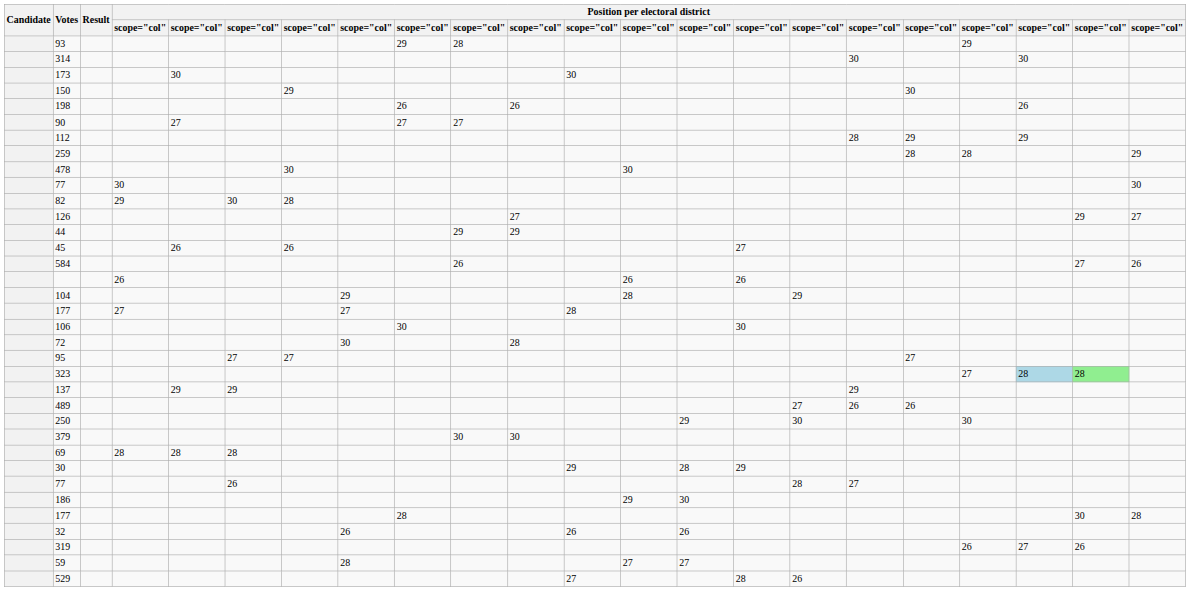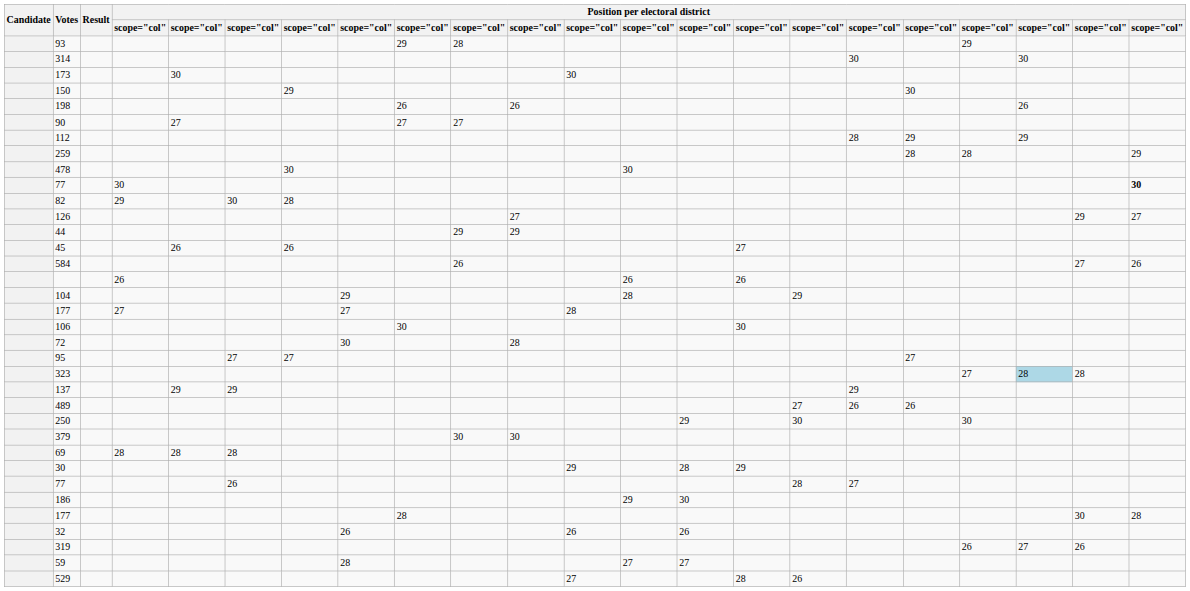 <table class="wikitable sortable defaultright col3left">
 <tr>
 <th scope="col" rowspan="2">Candidate</th>
 <th scope="col" rowspan="2">Votes</th>
 <th scope="col" rowspan="2">Result</th>
 <th scope="col" colspan="19">Position per electoral district</th>
 </tr>
 <tr>
 <th>scope="col" </th>
 <th>scope="col" </th>
 <th>scope="col" </th>
 <th>scope="col" </th>
 <th>scope="col" </th>
 <th>scope="col" </th>
 <th>scope="col" </th>
 <th>scope="col" </th>
 <th>scope="col" </th>
 <th>scope="col" </th>
 <th>scope="col" </th>
 <th>scope="col" </th>
 <th>scope="col" </th>
 <th>scope="col" </th>
 <th>scope="col" </th>
 <th>scope="col" </th>
 <th>scope="col" </th>
 <th>scope="col" </th>
 <th>scope="col" </th>
 </tr>
 <tr>
 <th scope="row"></th>
 <td>93</td>
 <td></td>
 <td></td>
 <td></td>
 <td></td>
 <td></td>
 <td></td>
 <td>29</td>
 <td>28</td>
 <td></td>
 <td></td>
 <td></td>
 <td></td>
 <td></td>
 <td></td>
 <td></td>
 <td></td>
 <td>29</td>
 <td></td>
 <td></td>
 <td></td>
 </tr>
 <tr>
 <th scope="row"></th>
 <td>314</td>
 <td></td>
 <td></td>
 <td></td>
 <td></td>
 <td></td>
 <td></td>
 <td></td>
 <td></td>
 <td></td>
 <td></td>
 <td></td>
 <td></td>
 <td></td>
 <td></td>
 <td>30</td>
 <td></td>
 <td></td>
 <td>30</td>
 <td></td>
 <td></td>
 </tr>
 <tr>
 <th scope="row"></th>
 <td>173</td>
 <td></td>
 <td></td>
 <td>30</td>
 <td></td>
 <td></td>
 <td></td>
 <td></td>
 <td></td>
 <td></td>
 <td>30</td>
 <td></td>
 <td></td>
 <td></td>
 <td></td>
 <td></td>
 <td></td>
 <td></td>
 <td></td>
 <td></td>
 <td></td>
 </tr>
 <tr>
 <th scope="row"></th>
 <td>150</td>
 <td></td>
 <td></td>
 <td></td>
 <td></td>
 <td>29</td>
 <td></td>
 <td></td>
 <td></td>
 <td></td>
 <td></td>
 <td></td>
 <td></td>
 <td></td>
 <td></td>
 <td></td>
 <td>30</td>
 <td></td>
 <td></td>
 <td></td>
 <td></td>
 </tr>
 <tr>
 <th scope="row"></th>
 <td>198</td>
 <td></td>
 <td></td>
 <td></td>
 <td></td>
 <td></td>
 <td></td>
 <td>26</td>
 <td></td>
 <td>26</td>
 <td></td>
 <td></td>
 <td></td>
 <td></td>
 <td></td>
 <td></td>
 <td></td>
 <td></td>
 <td>26</td>
 <td></td>
 <td></td>
 </tr>
 <tr>
 <th scope="row"></th>
 <td>90</td>
 <td></td>
 <td></td>
 <td>27</td>
 <td></td>
 <td></td>
 <td></td>
 <td>27</td>
 <td>27</td>
 <td></td>
 <td></td>
 <td></td>
 <td></td>
 <td></td>
 <td></td>
 <td></td>
 <td></td>
 <td></td>
 <td></td>
 <td></td>
 <td></td>
 </tr>
 <tr>
 <th scope="row"></th>
 <td>112</td>
 <td></td>
 <td></td>
 <td></td>
 <td></td>
 <td></td>
 <td></td>
 <td></td>
 <td></td>
 <td></td>
 <td></td>
 <td></td>
 <td></td>
 <td></td>
 <td></td>
 <td>28</td>
 <td>29</td>
 <td></td>
 <td>29</td>
 <td></td>
 <td></td>
 </tr>
 <tr>
 <th scope="row"></th>
 <td>259</td>
 <td></td>
 <td></td>
 <td></td>
 <td></td>
 <td></td>
 <td></td>
 <td></td>
 <td></td>
 <td></td>
 <td></td>
 <td></td>
 <td></td>
 <td></td>
 <td></td>
 <td></td>
 <td>28</td>
 <td>28</td>
 <td></td>
 <td></td>
 <td>29</td>
 </tr>
 <tr>
 <th scope="row"></th>
 <td>478</td>
 <td></td>
 <td></td>
 <td></td>
 <td></td>
 <td>30</td>
 <td></td>
 <td></td>
 <td></td>
 <td></td>
 <td></td>
 <td>30</td>
 <td></td>
 <td></td>
 <td></td>
 <td></td>
 <td></td>
 <td></td>
 <td></td>
 <td></td>
 <td></td>
 </tr>
 <tr>
 <th scope="row"></th>
 <td>77</td>
 <td></td>
 <td>30</td>
 <td></td>
 <td></td>
 <td></td>
 <td></td>
 <td></td>
 <td></td>
 <td></td>
 <td></td>
 <td></td>
 <td></td>
 <td></td>
 <td></td>
 <td></td>
 <td></td>
 <td></td>
 <td></td>
 <td></td>
-<td>30</td>
+<td><strong>30</strong></td>
 </tr>
 <tr>
 <th scope="row"></th>
 <td>82</td>
 <td></td>
 <td>29</td>
 <td></td>
 <td>30</td>
 <td>28</td>
 <td></td>
 <td></td>
 <td></td>
 <td></td>
 <td></td>
 <td></td>
 <td></td>
 <td></td>
 <td></td>
 <td></td>
 <td></td>
 <td></td>
 <td></td>
 <td></td>
 <td></td>
 </tr>
 <tr>
 <th scope="row"></th>
 <td>126</td>
 <td></td>
 <td></td>
 <td></td>
 <td></td>
 <td></td>
 <td></td>
 <td></td>
 <td></td>
 <td>27</td>
 <td></td>
 <td></td>
 <td></td>
 <td></td>
 <td></td>
 <td></td>
 <td></td>
 <td></td>
 <td></td>
 <td>29</td>
 <td>27</td>
 </tr>
 <tr>
 <th scope="row"></th>
 <td>44</td>
 <td></td>
 <td></td>
 <td></td>
 <td></td>
 <td></td>
 <td></td>
 <td></td>
 <td>29</td>
 <td>29</td>
 <td></td>
 <td></td>
 <td></td>
 <td></td>
 <td></td>
 <td></td>
 <td></td>
 <td></td>
 <td></td>
 <td></td>
 <td></td>
 </tr>
 <tr>
 <th scope="row"></th>
 <td>45</td>
 <td></td>
 <td></td>
 <td>26</td>
 <td></td>
 <td>26</td>
 <td></td>
 <td></td>
 <td></td>
 <td></td>
 <td></td>
 <td></td>
 <td></td>
 <td>27</td>
 <td></td>
 <td></td>
 <td></td>
 <td></td>
 <td></td>
 <td></td>
 <td></td>
 </tr>
 <tr>
 <th scope="row"></th>
 <td>584</td>
 <td></td>
 <td></td>
 <td></td>
 <td></td>
 <td></td>
 <td></td>
 <td></td>
 <td>26</td>
 <td></td>
 <td></td>
 <td></td>
 <td></td>
 <td></td>
 <td></td>
 <td></td>
 <td></td>
 <td></td>
 <td></td>
 <td>27</td>
 <td>26</td>
 </tr>
 <tr>
 <th scope="row"></th>
 <td></td>
 <td></td>
 <td>26</td>
 <td></td>
 <td></td>
 <td></td>
 <td></td>
 <td></td>
 <td></td>
 <td></td>
 <td></td>
 <td>26</td>
 <td></td>
 <td>26</td>
 <td></td>
 <td></td>
 <td></td>
 <td></td>
 <td></td>
 <td></td>
 <td></td>
 </tr>
 <tr>
 <th scope="row"></th>
 <td>104</td>
 <td></td>
 <td></td>
 <td></td>
 <td></td>
 <td></td>
 <td>29</td>
 <td></td>
 <td></td>
 <td></td>
 <td></td>
 <td>28</td>
 <td></td>
 <td></td>
 <td>29</td>
 <td></td>
 <td></td>
 <td></td>
 <td></td>
 <td></td>
 <td></td>
 </tr>
 <tr>
 <th scope="row"></th>
 <td>177</td>
 <td></td>
 <td>27</td>
 <td></td>
 <td></td>
 <td></td>
 <td>27</td>
 <td></td>
 <td></td>
 <td></td>
 <td>28</td>
 <td></td>
 <td></td>
 <td></td>
 <td></td>
 <td></td>
 <td></td>
 <td></td>
 <td></td>
 <td></td>
 <td></td>
 </tr>
 <tr>
 <th scope="row"></th>
 <td>106</td>
 <td></td>
 <td></td>
 <td></td>
 <td></td>
 <td></td>
 <td></td>
 <td>30</td>
 <td></td>
 <td></td>
 <td></td>
 <td></td>
 <td></td>
 <td>30</td>
 <td></td>
 <td></td>
 <td></td>
 <td></td>
 <td></td>
 <td></td>
 <td></td>
 </tr>
 <tr>
 <th scope="row"></th>
 <td>72</td>
 <td></td>
 <td></td>
 <td></td>
 <td></td>
 <td></td>
 <td>30</td>
 <td></td>
 <td></td>
 <td>28</td>
 <td></td>
 <td></td>
 <td></td>
 <td></td>
 <td></td>
 <td></td>
 <td></td>
 <td></td>
 <td></td>
 <td></td>
 <td></td>
 </tr>
 <tr>
 <th scope="row"></th>
 <td>95</td>
 <td></td>
 <td></td>
 <td></td>
 <td>27</td>
 <td>27</td>
 <td></td>
 <td></td>
 <td></td>
 <td></td>
 <td></td>
 <td></td>
 <td></td>
 <td></td>
 <td></td>
 <td></td>
 <td>27</td>
 <td></td>
 <td></td>
 <td></td>
 <td></td>
 </tr>
 <tr>
 <th scope="row"></th>
 <td>323</td>
 <td></td>
 <td></td>
 <td></td>
 <td></td>
 <td></td>
 <td></td>
 <td></td>
 <td></td>
 <td></td>
 <td></td>
 <td></td>
 <td></td>
 <td></td>
 <td></td>
 <td></td>
 <td></td>
 <td>27</td>
 <td style="background: lightblue;">28</td>
-<td style="background: lightgreen;">28</td>
+<td>28</td>
 <td></td>
 </tr>
 <tr>
 <th scope="row"></th>
 <td>137</td>
 <td></td>
 <td></td>
 <td>29</td>
 <td>29</td>
 <td></td>
 <td></td>
 <td></td>
 <td></td>
 <td></td>
 <td></td>
 <td></td>
 <td></td>
 <td></td>
 <td></td>
 <td>29</td>
 <td></td>
 <td></td>
 <td></td>
 <td></td>
 <td></td>
 </tr>
 <tr>
 <th scope="row"></th>
 <td>489</td>
 <td></td>
 <td></td>
 <td></td>
 <td></td>
 <td></td>
 <td></td>
 <td></td>
 <td></td>
 <td></td>
 <td></td>
 <td></td>
 <td></td>
 <td></td>
 <td>27</td>
 <td>26</td>
 <td>26</td>
 <td></td>
 <td></td>
 <td></td>
 <td></td>
 </tr>
 <tr>
 <th scope="row"></th>
 <td>250</td>
 <td></td>
 <td></td>
 <td></td>
 <td></td>
 <td></td>
 <td></td>
 <td></td>
 <td></td>
 <td></td>
 <td></td>
 <td></td>
 <td>29</td>
 <td></td>
 <td>30</td>
 <td></td>
 <td></td>
 <td>30</td>
 <td></td>
 <td></td>
 <td></td>
 </tr>
 <tr>
 <th scope="row"></th>
 <td>379</td>
 <td></td>
 <td></td>
 <td></td>
 <td></td>
 <td></td>
 <td></td>
 <td></td>
 <td>30</td>
 <td>30</td>
 <td></td>
 <td></td>
 <td></td>
 <td></td>
 <td></td>
 <td></td>
 <td></td>
 <td></td>
 <td></td>
 <td></td>
 <td></td>
 </tr>
 <tr>
 <th scope="row"></th>
 <td>69</td>
 <td></td>
 <td>28</td>
 <td>28</td>
 <td>28</td>
 <td></td>
 <td></td>
 <td></td>
 <td></td>
 <td></td>
 <td></td>
 <td></td>
 <td></td>
 <td></td>
 <td></td>
 <td></td>
 <td></td>
 <td></td>
 <td></td>
 <td></td>
 <td></td>
 </tr>
 <tr>
 <th scope="row"></th>
 <td>30</td>
 <td></td>
 <td></td>
 <td></td>
 <td></td>
 <td></td>
 <td></td>
 <td></td>
 <td></td>
 <td></td>
 <td>29</td>
 <td></td>
 <td>28</td>
 <td>29</td>
 <td></td>
 <td></td>
 <td></td>
 <td></td>
 <td></td>
 <td></td>
 <td></td>
 </tr>
 <tr>
 <th scope="row"></th>
 <td>77</td>
 <td></td>
 <td></td>
 <td></td>
 <td>26</td>
 <td></td>
 <td></td>
 <td></td>
 <td></td>
 <td></td>
 <td></td>
 <td></td>
 <td></td>
 <td></td>
 <td>28</td>
 <td>27</td>
 <td></td>
 <td></td>
 <td></td>
 <td></td>
 <td></td>
 </tr>
 <tr>
 <th scope="row"></th>
 <td>186</td>
 <td></td>
 <td></td>
 <td></td>
 <td></td>
 <td></td>
 <td></td>
 <td></td>
 <td></td>
 <td></td>
 <td></td>
 <td>29</td>
 <td>30</td>
 <td></td>
 <td></td>
 <td></td>
 <td></td>
 <td></td>
 <td></td>
 <td></td>
 <td></td>
 </tr>
 <tr>
 <th scope="row"></th>
 <td>177</td>
 <td></td>
 <td></td>
 <td></td>
 <td></td>
 <td></td>
 <td></td>
 <td>28</td>
 <td></td>
 <td></td>
 <td></td>
 <td></td>
 <td></td>
 <td></td>
 <td></td>
 <td></td>
 <td></td>
 <td></td>
 <td></td>
 <td>30</td>
 <td>28</td>
 </tr>
 <tr>
 <th scope="row"></th>
 <td>32</td>
 <td></td>
 <td></td>
 <td></td>
 <td></td>
 <td></td>
 <td>26</td>
 <td></td>
 <td></td>
 <td></td>
 <td>26</td>
 <td></td>
 <td>26</td>
 <td></td>
 <td></td>
 <td></td>
 <td></td>
 <td></td>
 <td></td>
 <td></td>
 <td></td>
 </tr>
 <tr>
 <th scope="row"></th>
 <td>319</td>
 <td></td>
 <td></td>
 <td></td>
 <td></td>
 <td></td>
 <td></td>
 <td></td>
 <td></td>
 <td></td>
 <td></td>
 <td></td>
 <td></td>
 <td></td>
 <td></td>
 <td></td>
 <td></td>
 <td>26</td>
 <td>27</td>
 <td>26</td>
 <td></td>
 </tr>
 <tr>
 <th scope="row"></th>
 <td>59</td>
 <td></td>
 <td></td>
 <td></td>
 <td></td>
 <td></td>
 <td>28</td>
 <td></td>
 <td></td>
 <td></td>
 <td></td>
 <td>27</td>
 <td>27</td>
 <td></td>
 <td></td>
 <td></td>
 <td></td>
 <td></td>
 <td></td>
 <td></td>
 <td></td>
 </tr>
 <tr>
 <th scope="row"></th>
 <td>529</td>
 <td></td>
 <td></td>
 <td></td>
 <td></td>
 <td></td>
 <td></td>
 <td></td>
 <td></td>
 <td></td>
 <td>27</td>
 <td></td>
 <td></td>
 <td>28</td>
 <td>26</td>
 <td></td>
 <td></td>
 <td></td>
 <td></td>
 <td></td>
 <td></td>
 </tr>
 </table>
